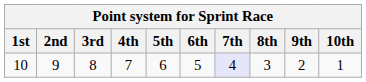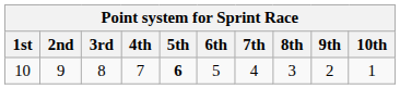 <table class="wikitable" style="font-size:95%; text-align:center">
 <tr>
 <th colspan="10">Point system for Sprint Race</th>
 </tr>
 <tr>
 <th> 1st </th>
 <th> 2nd </th>
 <th> 3rd </th>
 <th> 4th </th>
 <th> 5th </th>
 <th> 6th </th>
 <th> 7th </th>
 <th> 8th </th>
 <th> 9th </th>
 <th> 10th </th>
 </tr>
 <tr>
 <td>10</td>
 <td>9</td>
 <td>8</td>
 <td>7</td>
-<td>6</td>
+<td><strong>6</strong></td>
 <td>5</td>
-<td style="background: lavender;">4</td>
+<td>4</td>
 <td>3</td>
 <td>2</td>
 <td>1</td>
 </tr>
 </table>
